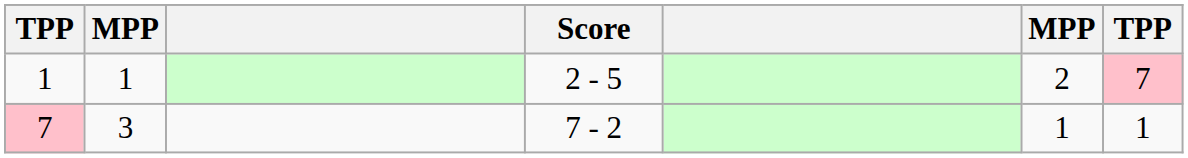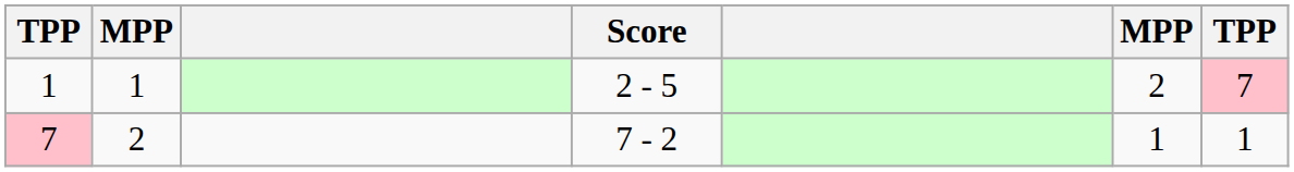 <table class="wikitable" style="text-align: center;" |>
 <tr>
 <th width="35">TPP</th>
 <th width="35">MPP</th>
 <th width="250"></th>
 <th width="75">Score</th>
 <th width="250"></th>
 <th width="35">MPP</th>
 <th width="35">TPP</th>
 </tr>
 <tr>
 <td>1</td>
 <td>1</td>
 <td style="text-align:left;" bgcolor="ccffcc"><strong></strong></td>
 <td>2 - 5</td>
 <td style="text-align:left;" bgcolor="ccffcc"></td>
 <td>2</td>
 <td bgcolor=pink>7</td>
 </tr>
 <tr>
 <td bgcolor=pink>7</td>
-<td>3</td>
+<td>2</td>
 <td style="text-align:left;"></td>
 <td>7 - 2</td>
 <td style="text-align:left;" bgcolor="ccffcc"><strong></strong></td>
 <td>1</td>
 <td>1</td>
 </tr>
 </table>
